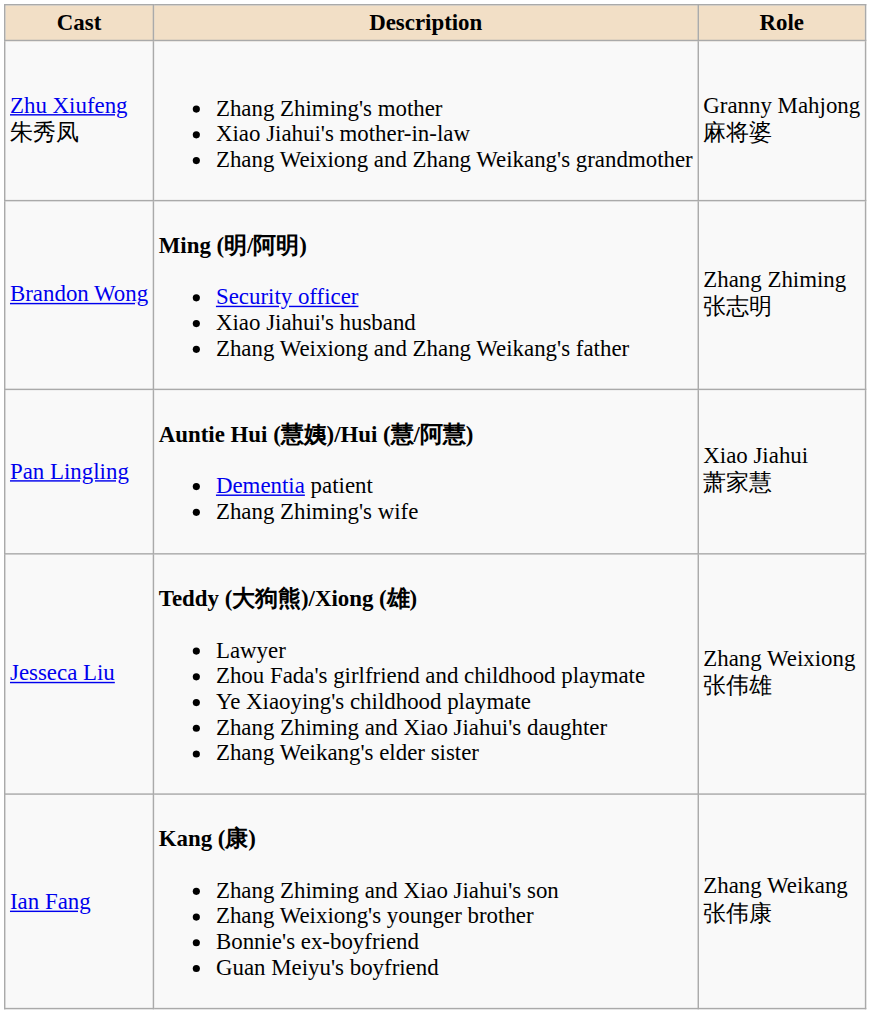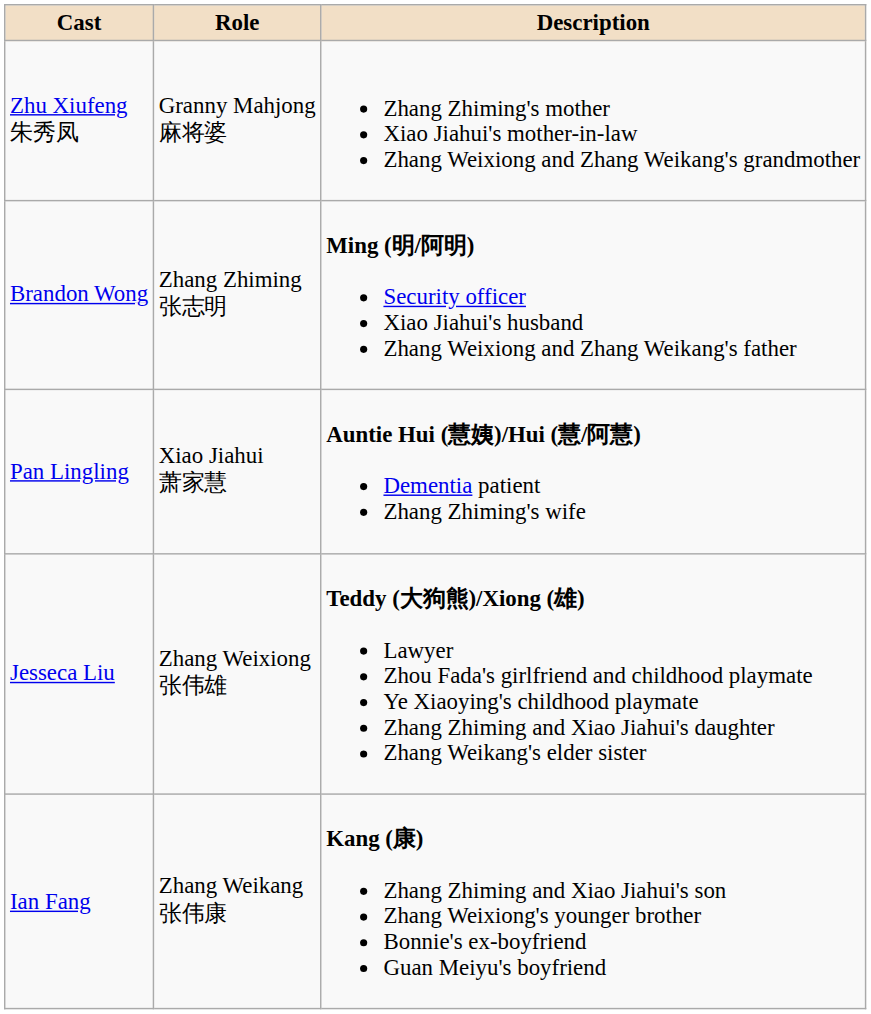 <table class="wikitable">
 <tr>
 <th style="background:#f2dfc6;">Cast</th>
+<th style="background:#f2dfc6;">Role</th>
 <th style="background:#f2dfc6;">Description</th>
-<th style="background:#f2dfc6;">Role</th>
 </tr>
 <tr>
 <td><a href='#'>Zhu Xiufeng</a> <br> 朱秀凤</td>
+<td>Granny Mahjong <br> 麻将婆</td>
 <td><br><ul><li>Zhang Zhiming's mother</li><li>Xiao Jiahui's mother-in-law</li><li>Zhang Weixiong and Zhang Weikang's grandmother</li></ul></td>
-<td>Granny Mahjong <br> 麻将婆</td>
 </tr>
 <tr>
 <td><a href='#'>Brandon Wong</a></td>
+<td>Zhang Zhiming <br> 张志明</td>
 <td><br><strong>Ming (明/阿明)</strong><ul><li><a href='#'>Security officer</a></li><li>Xiao Jiahui's husband</li><li>Zhang Weixiong and Zhang Weikang's father</li></ul></td>
-<td>Zhang Zhiming <br> 张志明</td>
 </tr>
 <tr>
 <td><a href='#'>Pan Lingling</a></td>
+<td>Xiao Jiahui <br> 萧家慧</td>
 <td><br><strong>Auntie Hui (慧姨)/Hui (慧/阿慧)</strong><ul><li><a href='#'>Dementia</a> patient</li><li>Zhang Zhiming's wife</li></ul></td>
-<td>Xiao Jiahui <br> 萧家慧</td>
 </tr>
 <tr>
 <td><a href='#'>Jesseca Liu</a></td>
+<td>Zhang Weixiong <br> 张伟雄</td>
 <td><br><strong>Teddy (大狗熊)/Xiong (雄)</strong><ul><li>Lawyer</li><li>Zhou Fada's girlfriend and childhood playmate</li><li>Ye Xiaoying's childhood playmate</li><li>Zhang Zhiming and Xiao Jiahui's daughter</li><li>Zhang Weikang's elder sister</li></ul></td>
-<td>Zhang Weixiong <br> 张伟雄</td>
 </tr>
 <tr>
 <td><a href='#'>Ian Fang</a></td>
+<td>Zhang Weikang <br> 张伟康</td>
 <td><br><strong>Kang (康)</strong><ul><li>Zhang Zhiming and Xiao Jiahui's son</li><li>Zhang Weixiong's younger brother</li><li>Bonnie's ex-boyfriend</li><li>Guan Meiyu's boyfriend</li></ul></td>
-<td>Zhang Weikang <br> 张伟康</td>
 </tr>
 </table>
